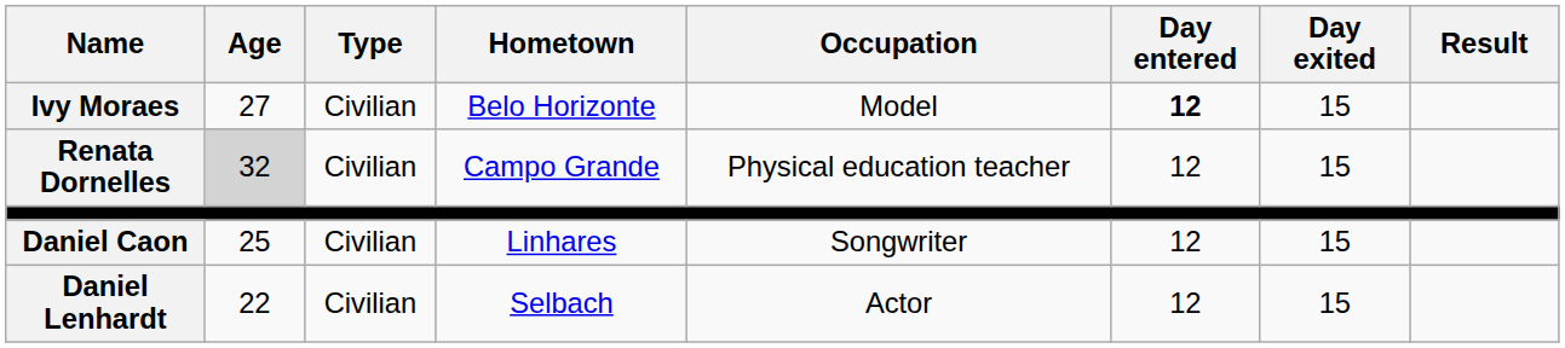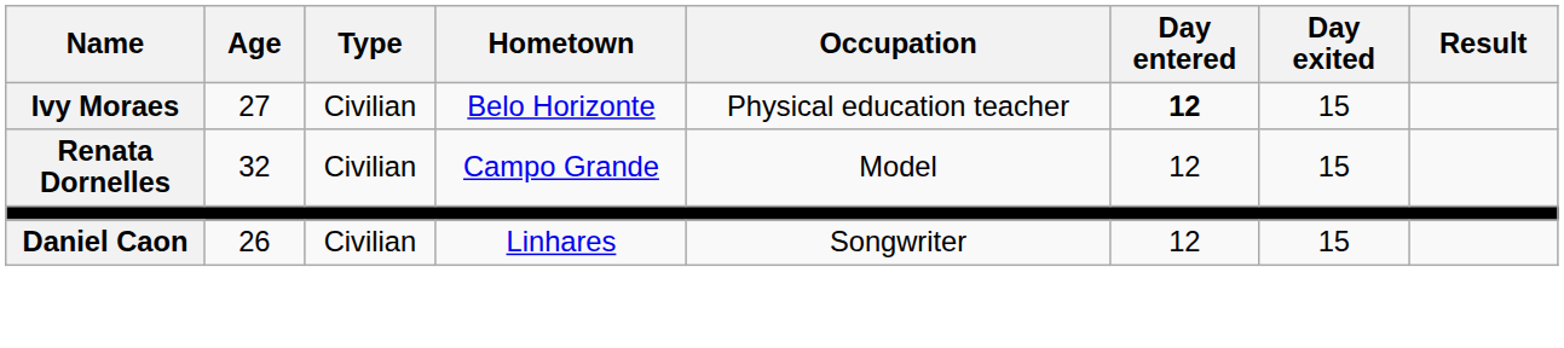 <table class="wikitable sortable" style="text-align:center;">
 <tr>
 <th scope="col" width="10.0%">Name</th>
 <th scope="col" width="05.0%">Age</th>
 <th scope="col" width="06.0%">Type</th>
 <th scope="col" width="09.5%">Hometown</th>
 <th scope="col" width="15.5%">Occupation</th>
 <th scope="col" width="07.5%">Day entered</th>
 <th scope="col" width="07.5%">Day exited</th>
 <th scope="col" width="07.5%">Result</th>
 </tr>
 <tr>
 <th>Ivy Moraes</th>
 <td>27</td>
 <td>Civilian</td>
 <td><a href='#'>Belo Horizonte</a></td>
-<td>Model</td>
+<td nowrap>Physical education teacher</td>
 <td><strong>12</strong></td>
 <td>15</td>
 <td></td>
 </tr>
 <tr>
 <th>Renata Dornelles</th>
-<td style="background: lightgrey;">32</td>
+<td>32</td>
 <td>Civilian</td>
 <td nowrap><a href='#'>Campo Grande</a></td>
-<td nowrap>Physical education teacher</td>
+<td>Model</td>
 <td>12</td>
 <td>15</td>
 <td></td>
 </tr>
 <tr>
 <td bgcolor="#000000" colspan="8"></td>
 </tr>
 <tr>
 <th>Daniel Caon</th>
-<td>25</td>
+<td>26</td>
 <td>Civilian</td>
 <td><a href='#'>Linhares</a></td>
 <td>Songwriter</td>
 <td>12</td>
 <td>15</td>
 <td></td>
 </tr>
-<tr>
-<th>Daniel Lenhardt</th>
-<td>22</td>
-<td>Civilian</td>
-<td><a href='#'>Selbach</a></td>
-<td>Actor</td>
-<td>12</td>
-<td>15</td>
-<td></td>
-</tr>
 </table>
